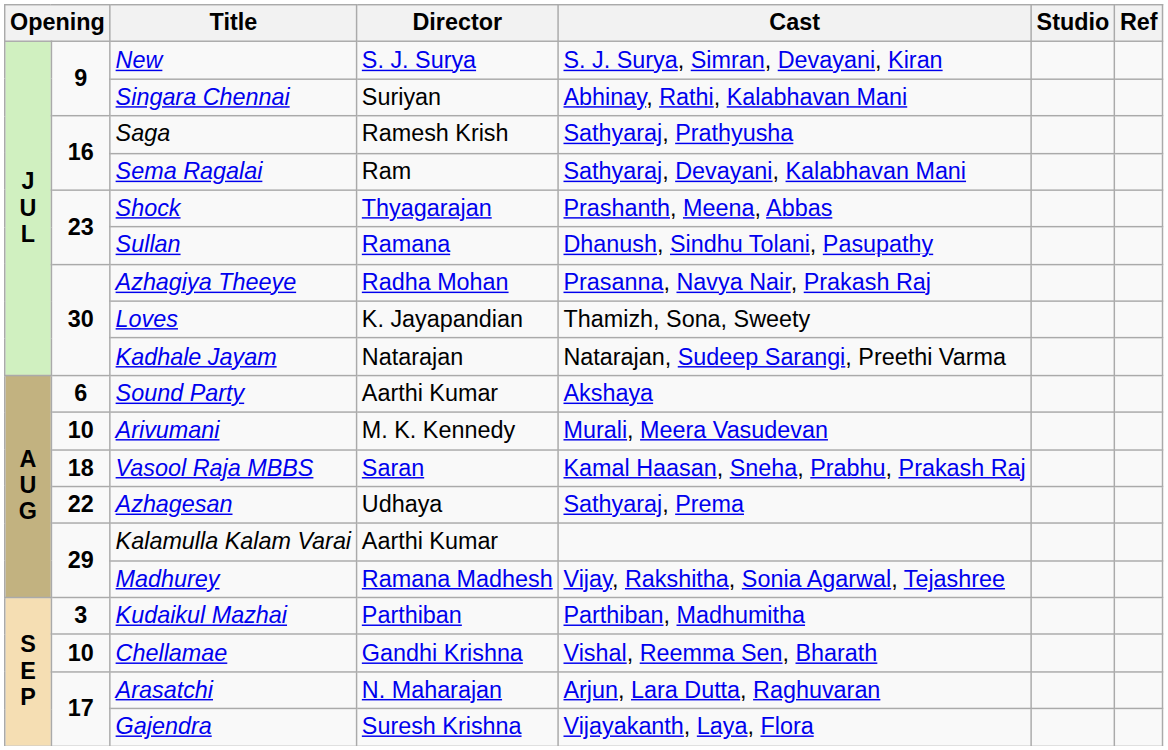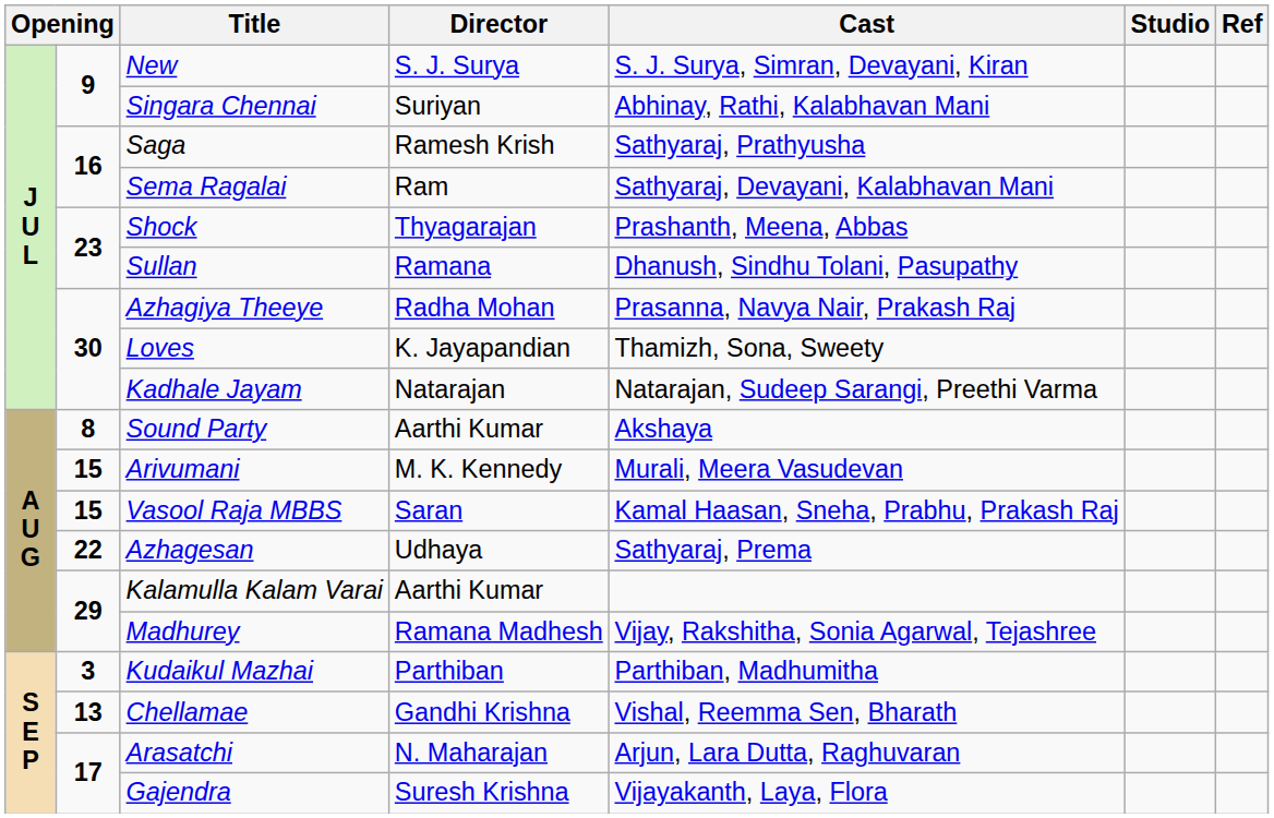 <table class="wikitable">
 <tr>
 <th colspan="2">Opening</th>
 <th>Title</th>
 <th>Director</th>
 <th>Cast</th>
 <th>Studio</th>
 <th>Ref</th>
 </tr>
 <tr July!>
 <td rowspan="9" valign="center" align="center" style="background:#d0f0c0; textcolor:#000;"><strong>J<br>U<br>L</strong></td>
 <td rowspan="2" align="center"><strong>9</strong></td>
 <td><em><a href='#'>New</a></em></td>
 <td><a href='#'>S. J. Surya</a></td>
 <td><a href='#'>S. J. Surya</a>, <a href='#'>Simran</a>, <a href='#'>Devayani</a>, <a href='#'>Kiran</a></td>
 <td></td>
 <td></td>
 </tr>
 <tr>
 <td><em><a href='#'>Singara Chennai</a></em></td>
 <td>Suriyan</td>
 <td><a href='#'>Abhinay</a>, <a href='#'>Rathi</a>, <a href='#'>Kalabhavan Mani</a></td>
 <td></td>
 <td></td>
 </tr>
 <tr>
 <td rowspan="2" align="center"><strong>16</strong></td>
 <td><em>Saga</em></td>
 <td>Ramesh Krish</td>
 <td><a href='#'>Sathyaraj</a>, <a href='#'>Prathyusha</a></td>
 <td></td>
 <td></td>
 </tr>
 <tr>
 <td><em><a href='#'>Sema Ragalai</a></em></td>
 <td>Ram</td>
 <td><a href='#'>Sathyaraj</a>, <a href='#'>Devayani</a>, <a href='#'>Kalabhavan Mani</a></td>
 <td></td>
 <td></td>
 </tr>
 <tr>
 <td rowspan="2" align="center"><strong>23</strong></td>
 <td><em><a href='#'>Shock</a></em></td>
 <td><a href='#'>Thyagarajan</a></td>
 <td><a href='#'>Prashanth</a>, <a href='#'>Meena</a>, <a href='#'>Abbas</a></td>
 <td></td>
 <td></td>
 </tr>
 <tr>
 <td><em><a href='#'>Sullan</a></em></td>
 <td><a href='#'>Ramana</a></td>
 <td><a href='#'>Dhanush</a>, <a href='#'>Sindhu Tolani</a>, <a href='#'>Pasupathy</a></td>
 <td></td>
 <td></td>
 </tr>
 <tr>
 <td rowspan="3" align="center"><strong>30</strong></td>
 <td><em><a href='#'>Azhagiya Theeye</a></em></td>
 <td><a href='#'>Radha Mohan</a></td>
 <td><a href='#'>Prasanna</a>, <a href='#'>Navya Nair</a>, <a href='#'>Prakash Raj</a></td>
 <td></td>
 <td></td>
 </tr>
 <tr>
 <td><em><a href='#'>Loves</a></em></td>
 <td>K. Jayapandian</td>
 <td>Thamizh, Sona, Sweety</td>
 <td></td>
 <td></td>
 </tr>
 <tr>
 <td><em><a href='#'>Kadhale Jayam</a></em></td>
 <td>Natarajan</td>
 <td>Natarajan, <a href='#'>Sudeep Sarangi</a>, Preethi Varma</td>
 <td></td>
 <td></td>
 </tr>
 <tr August!>
 <td rowspan="6" valign="center" align="center" style="background:#C2B280; textcolor:#000;"><strong>A<br>U<br>G</strong></td>
-<td rowspan="1" align="center"><strong>6</strong></td>
+<td rowspan="1" align="center"><strong>8</strong></td>
 <td><em><a href='#'>Sound Party</a></em></td>
 <td>Aarthi Kumar</td>
 <td><a href='#'>Akshaya</a></td>
 <td></td>
 <td></td>
 </tr>
 <tr>
-<td rowspan="1" align="center"><strong>10</strong></td>
+<td rowspan="1" align="center"><strong>15</strong></td>
 <td><em><a href='#'>Arivumani</a></em></td>
 <td>M. K. Kennedy</td>
 <td><a href='#'>Murali</a>, <a href='#'>Meera Vasudevan</a></td>
 <td></td>
 <td></td>
 </tr>
 <tr>
-<td rowspan="1" align="center"><strong>18</strong></td>
+<td rowspan="1" align="center"><strong>15</strong></td>
 <td><em><a href='#'>Vasool Raja MBBS</a></em></td>
 <td><a href='#'>Saran</a></td>
 <td><a href='#'>Kamal Haasan</a>, <a href='#'>Sneha</a>, <a href='#'>Prabhu</a>, <a href='#'>Prakash Raj</a></td>
 <td></td>
 <td></td>
 </tr>
 <tr>
 <td rowspan="1" align="center"><strong>22</strong></td>
 <td><em><a href='#'>Azhagesan</a></em></td>
 <td>Udhaya</td>
 <td><a href='#'>Sathyaraj</a>, <a href='#'>Prema</a></td>
 <td></td>
 <td></td>
 </tr>
 <tr>
 <td rowspan="2" align="center"><strong>29</strong></td>
 <td><em>Kalamulla Kalam Varai</em></td>
 <td>Aarthi Kumar</td>
 <td></td>
 <td></td>
 <td></td>
 </tr>
 <tr>
 <td><em><a href='#'>Madhurey</a></em></td>
 <td><a href='#'>Ramana Madhesh</a></td>
 <td><a href='#'>Vijay</a>, <a href='#'>Rakshitha</a>, <a href='#'>Sonia Agarwal</a>, <a href='#'>Tejashree</a></td>
 <td></td>
 <td></td>
 </tr>
 <tr September!>
 <td rowspan="4" valign="center" align="center" style="background:#F5DEB3; textcolor:#000;"><strong>S<br>E<br>P</strong></td>
 <td rowspan="1" align="center"><strong>3</strong></td>
 <td><em><a href='#'>Kudaikul Mazhai</a></em></td>
 <td><a href='#'>Parthiban</a></td>
 <td><a href='#'>Parthiban</a>, <a href='#'>Madhumitha</a></td>
 <td></td>
 <td></td>
 </tr>
 <tr>
-<td rowspan="1" align="center"><strong>10</strong></td>
+<td rowspan="1" align="center"><strong>13</strong></td>
 <td><em><a href='#'>Chellamae</a></em></td>
 <td><a href='#'>Gandhi Krishna</a></td>
 <td><a href='#'>Vishal</a>, <a href='#'>Reemma Sen</a>, <a href='#'>Bharath</a></td>
 <td></td>
 <td></td>
 </tr>
 <tr>
 <td rowspan="2" align="center"><strong>17</strong></td>
 <td><em><a href='#'>Arasatchi</a></em></td>
 <td><a href='#'>N. Maharajan</a></td>
 <td><a href='#'>Arjun</a>, <a href='#'>Lara Dutta</a>, <a href='#'>Raghuvaran</a></td>
 <td></td>
 <td></td>
 </tr>
 <tr>
 <td><em><a href='#'>Gajendra</a></em></td>
 <td><a href='#'>Suresh Krishna</a></td>
 <td><a href='#'>Vijayakanth</a>, <a href='#'>Laya</a>, <a href='#'>Flora</a></td>
 <td></td>
 <td></td>
 </tr>
 </table>
